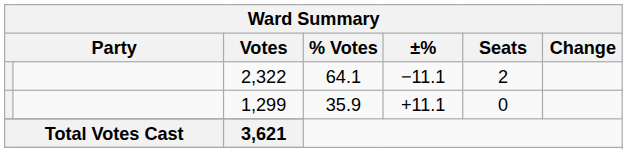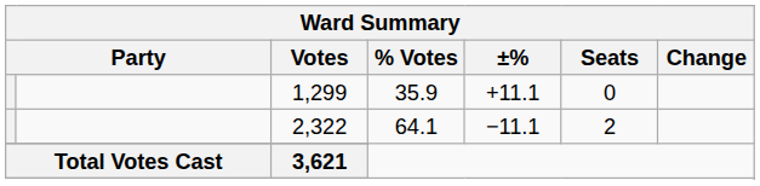 <table class="wikitable" style="font-size: 95%;">
 <tr style="background-color:#E9E9E9">
 <th colspan="7">Ward Summary</th>
 </tr>
 <tr style="background-color:#E9E9E9">
 <th colspan="2">Party</th>
 <th style="width: 60px">Votes</th>
 <th style="width: 60px">% Votes</th>
 <th style="width: 60px">±%</th>
 <th style="width: 60px">Seats</th>
 <th style="width: 60px">Change</th>
 </tr>
 <tr>
 <th style="background-color: "></th>
 <td style="width: 170px"><a href='#'></a></td>
-<td align="center">2,322</td>
-<td align="center">64.1</td>
-<td align="center">−11.1</td>
-<td align="center">2</td>
+<td align="center">1,299</td>
+<td align="center">35.9</td>
+<td align="center">+11.1</td>
+<td align="center">0</td>
 <td align="center"></td>
 </tr>
 <tr>
 <th style="background-color: "></th>
 <td style="width: 170px"><a href='#'></a></td>
-<td align="center">1,299</td>
-<td align="center">35.9</td>
-<td align="center">+11.1</td>
-<td align="center">0</td>
+<td align="center">2,322</td>
+<td align="center">64.1</td>
+<td align="center">−11.1</td>
+<td align="center">2</td>
 <td align="center"></td>
 </tr>
 <tr>
 </tr>
 <tr style="background-color:#E9E9E9">
 <th colspan="2">Total Votes Cast</th>
 <th style="width: 60px">3,621</th>
 </tr>
 <tr style="background-color:#E9E9E9">
 </tr>
 </table>
